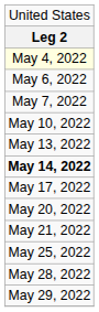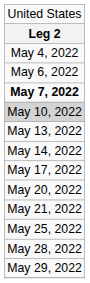 <table class="wikitable" style="text-align:center;">
 <tr>
 <td>United States</td>
 </tr>
 <tr>
 <th>Leg 2</th>
 </tr>
 <tr>
-<td style="background: lightyellow;">May 4, 2022</td>
+<td>May 4, 2022</td>
 </tr>
 <tr>
 <td>May 6, 2022</td>
 </tr>
 <tr>
-<td>May 7, 2022</td>
+<td><strong>May 7, 2022</strong></td>
 </tr>
 <tr>
-<td>May 10, 2022</td>
+<td style="background: lightgrey;">May 10, 2022</td>
 </tr>
 <tr>
 <td>May 13, 2022</td>
 </tr>
 <tr>
-<td><strong>May 14, 2022</strong></td>
+<td>May 14, 2022</td>
 </tr>
 <tr>
 <td>May 17, 2022</td>
 </tr>
 <tr>
 <td>May 20, 2022</td>
 </tr>
 <tr>
 <td>May 21, 2022</td>
 </tr>
 <tr>
 <td>May 25, 2022</td>
 </tr>
 <tr>
 <td>May 28, 2022</td>
 </tr>
 <tr>
 <td>May 29, 2022</td>
 </tr>
 <tr>
 </tr>
 </table>
